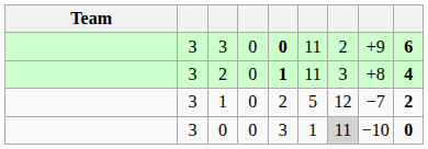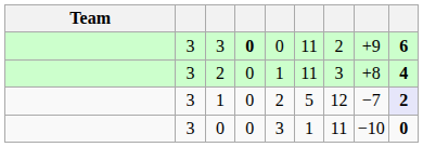 <table class="wikitable" style="text-align:center;">
 <tr>
 <th width=150>Team</th>
 <th width=20></th>
 <th width=20></th>
 <th width=20></th>
 <th width=20></th>
 <th width=20></th>
 <th width=20></th>
 <th width=20></th>
 <th width=20></th>
 </tr>
 <tr style="background:#cfc;">
 <td align=left></td>
 <td>3</td>
 <td>3</td>
+<td><strong>0</strong></td>
 <td>0</td>
-<td><strong>0</strong></td>
 <td>11</td>
 <td>2</td>
 <td>+9</td>
 <td><strong>6</strong></td>
 </tr>
 <tr style="background:#cfc;">
 <td align=left></td>
 <td>3</td>
 <td>2</td>
 <td>0</td>
-<td><strong>1</strong></td>
+<td>1</td>
 <td>11</td>
 <td>3</td>
 <td>+8</td>
 <td><strong>4</strong></td>
 </tr>
 <tr>
 <td align=left></td>
 <td>3</td>
 <td>1</td>
 <td>0</td>
 <td>2</td>
 <td>5</td>
 <td>12</td>
 <td>−7</td>
-<td><strong>2</strong></td>
+<td style="background: lavender;"><strong>2</strong></td>
 </tr>
 <tr>
 <td align=left></td>
 <td>3</td>
 <td>0</td>
 <td>0</td>
 <td>3</td>
 <td>1</td>
-<td style="background: lightgrey;">11</td>
+<td>11</td>
 <td>−10</td>
 <td><strong>0</strong></td>
 </tr>
 </table>
